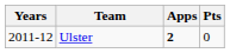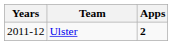 <table class="wikitable" style="text-align:left;">
 <tr>
 <th>Years</th>
 <th width=120px>Team</th>
 <th>Apps</th>
-<th>Pts</th>
 </tr>
 <tr>
 <td>2011-12</td>
 <td><a href='#'>Ulster</a></td>
 <td><strong>2</strong></td>
-<td>0</td>
 </tr>
 </table>
